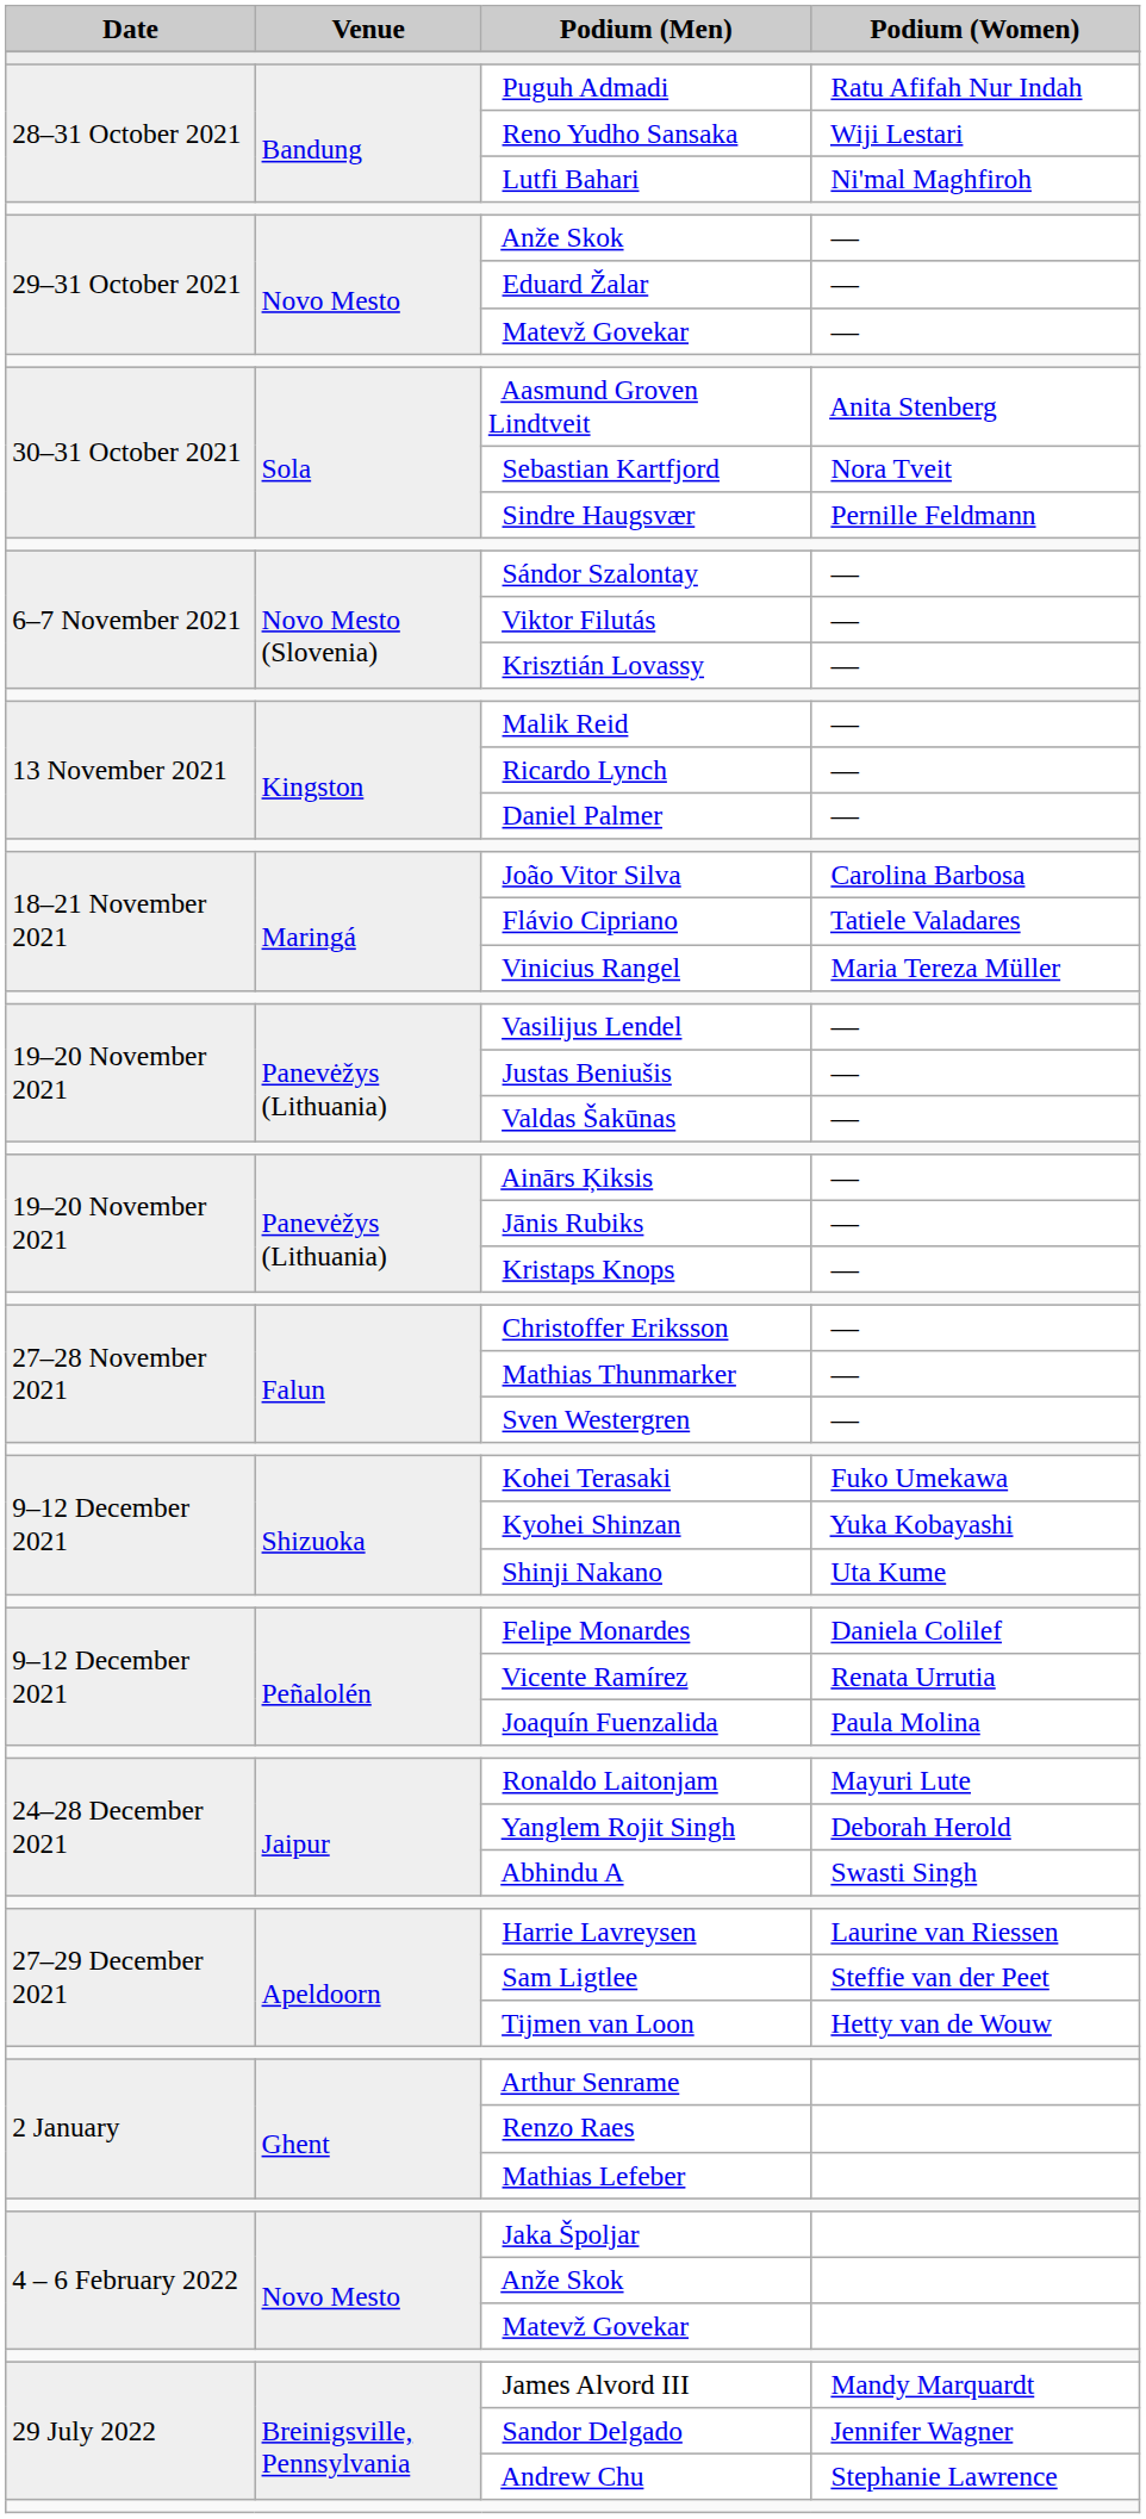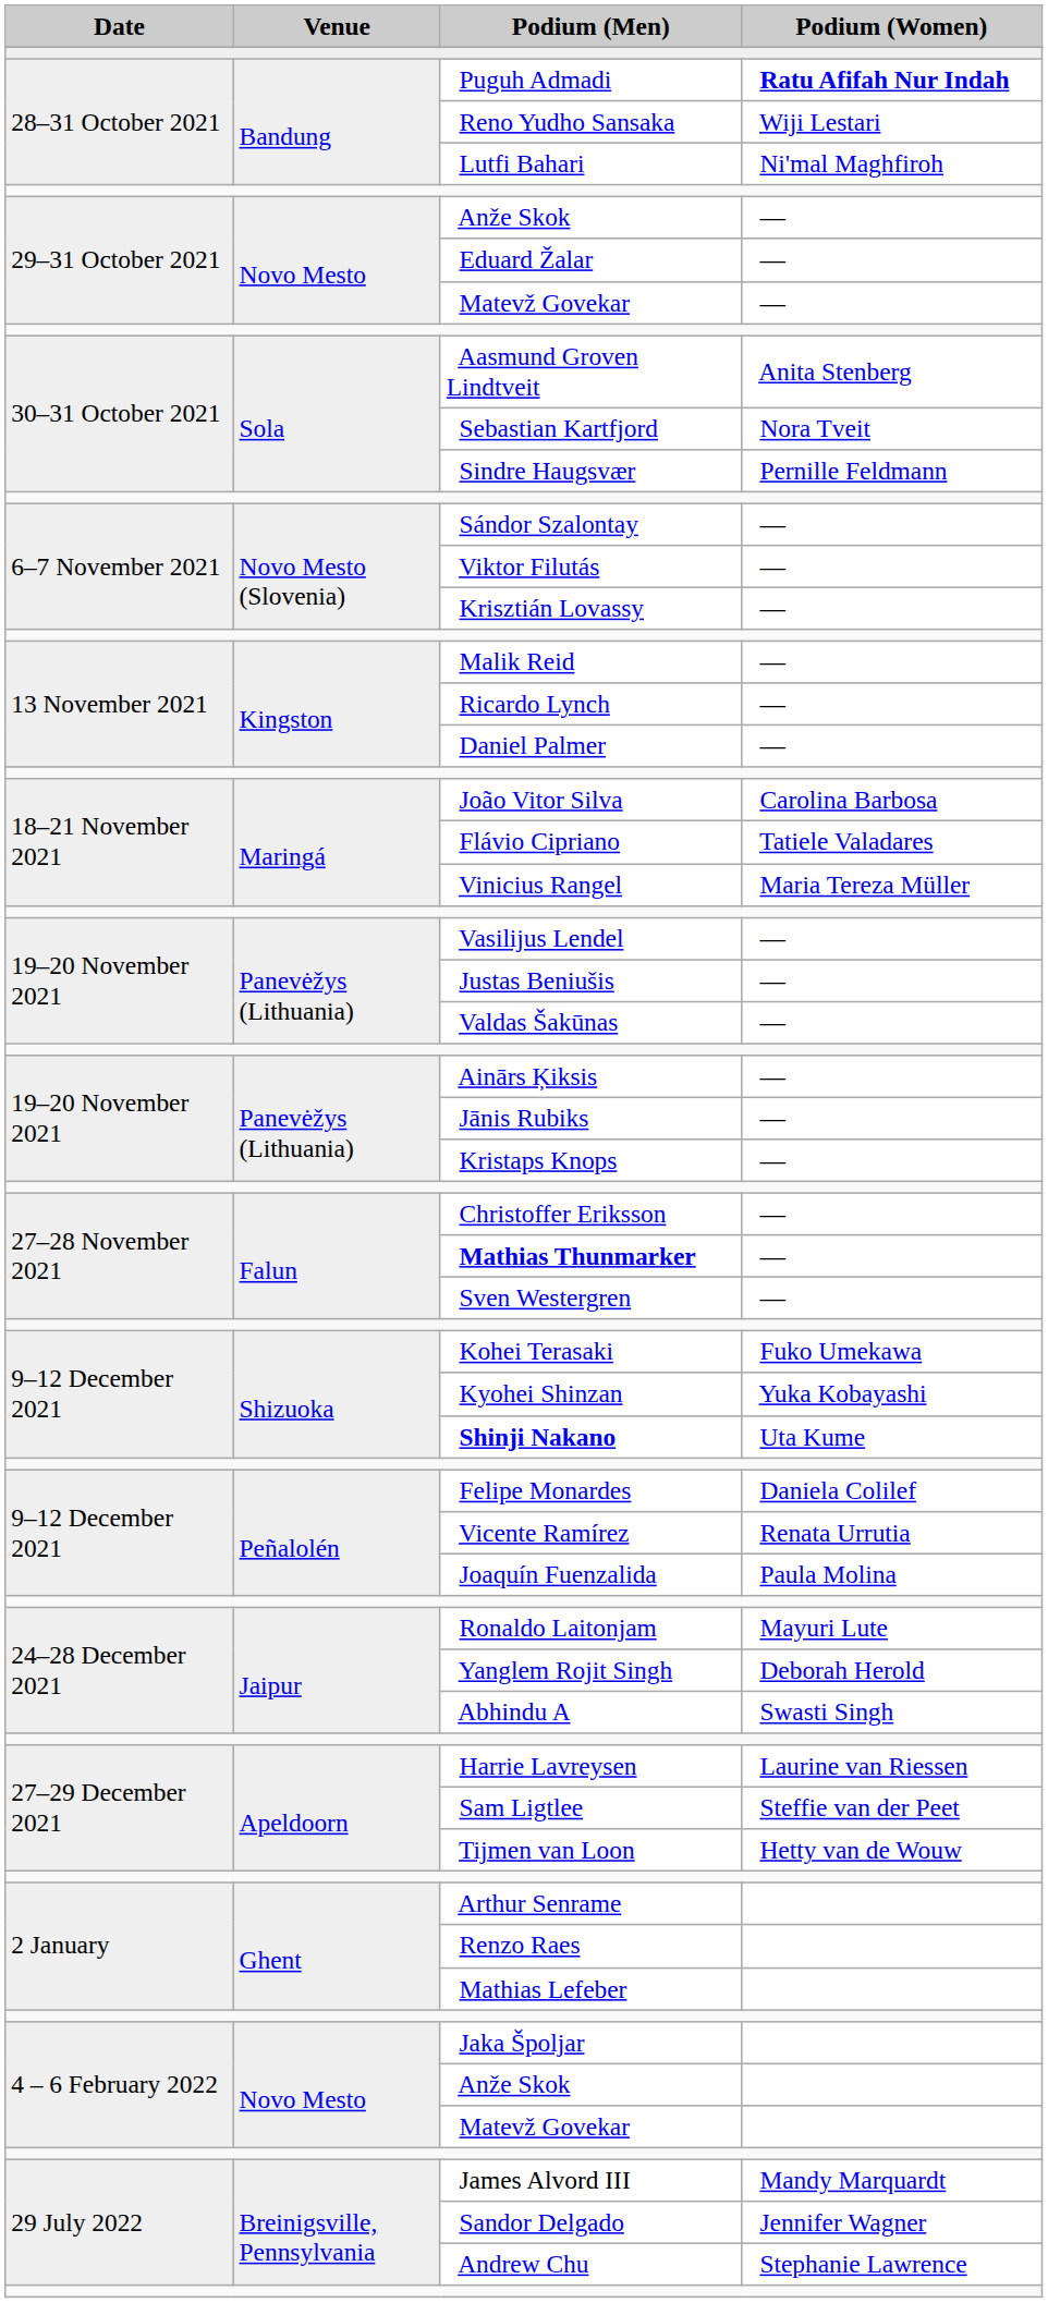 <table class="wikitable" width=70% bgcolor="#f7f8ff" cellpadding="3" cellspacing="0" border="1" style="font-size: 95%; border: gray solid 1px; border-collapse: collapse;">
 <tr bgcolor="#CCCCCC">
 <td align="center"><strong>Date</strong></td>
 <td width=20% align="center"><strong>Venue</strong></td>
 <td width=29% align="center"><strong>Podium (Men)</strong></td>
 <td width=29% align="center"><strong>Podium (Women)</strong></td>
 </tr>
 <tr bgcolor="#EFEFEF">
 </tr>
 <tr>
 </tr>
 <tr bgcolor="#EFEFEF">
 <td colspan=4></td>
 </tr>
 <tr bgcolor="#EFEFEF">
 <td rowspan=3>28–31 October 2021</td>
 <td rowspan=3><br><a href='#'>Bandung</a></td>
 <td bgcolor="#ffffff">   <a href='#'>Puguh Admadi</a></td>
-<td bgcolor="#ffffff">   <a href='#'>Ratu Afifah Nur Indah</a></td>
+<td bgcolor="#ffffff"><strong>   <a href='#'>Ratu Afifah Nur Indah</a></strong></td>
 </tr>
 <tr>
 <td bgcolor="#ffffff">   <a href='#'>Reno Yudho Sansaka</a></td>
 <td bgcolor="#ffffff">   <a href='#'>Wiji Lestari</a></td>
 </tr>
 <tr>
 <td bgcolor="#ffffff">   <a href='#'>Lutfi Bahari</a></td>
 <td bgcolor="#ffffff">   <a href='#'>Ni'mal Maghfiroh</a></td>
 </tr>
 <tr>
 <td colspan=4></td>
 </tr>
 <tr bgcolor="#EFEFEF">
 <td rowspan=3>29–31 October 2021</td>
 <td rowspan=3><br><a href='#'>Novo Mesto</a></td>
 <td bgcolor="#ffffff">   <a href='#'>Anže Skok</a></td>
 <td bgcolor="#ffffff">   —</td>
 </tr>
 <tr>
 <td bgcolor="#ffffff">   <a href='#'>Eduard Žalar</a></td>
 <td bgcolor="#ffffff">   —</td>
 </tr>
 <tr>
 <td bgcolor="#ffffff">   <a href='#'>Matevž Govekar</a></td>
 <td bgcolor="#ffffff">   —</td>
 </tr>
 <tr>
 <td colspan=4></td>
 </tr>
 <tr bgcolor="#EFEFEF">
 <td rowspan=3>30–31 October 2021</td>
 <td rowspan=3><br><a href='#'>Sola</a></td>
 <td bgcolor="#ffffff">   <a href='#'>Aasmund Groven Lindtveit</a></td>
 <td bgcolor="#ffffff">   <a href='#'>Anita Stenberg</a></td>
 </tr>
 <tr>
 <td bgcolor="#ffffff">   <a href='#'>Sebastian Kartfjord</a></td>
 <td bgcolor="#ffffff">   <a href='#'>Nora Tveit</a></td>
 </tr>
 <tr>
 <td bgcolor="#ffffff">   <a href='#'>Sindre Haugsvær</a></td>
 <td bgcolor="#ffffff">   <a href='#'>Pernille Feldmann</a></td>
 </tr>
 <tr>
 <td colspan=4></td>
 </tr>
 <tr bgcolor="#EFEFEF">
 <td rowspan=3>6–7 November 2021</td>
 <td rowspan=3><br><a href='#'>Novo Mesto</a> (Slovenia)</td>
 <td bgcolor="#ffffff">   <a href='#'>Sándor Szalontay</a></td>
 <td bgcolor="#ffffff">   —</td>
 </tr>
 <tr>
 <td bgcolor="#ffffff">   <a href='#'>Viktor Filutás</a></td>
 <td bgcolor="#ffffff">   —</td>
 </tr>
 <tr>
 <td bgcolor="#ffffff">   <a href='#'>Krisztián Lovassy</a></td>
 <td bgcolor="#ffffff">   —</td>
 </tr>
 <tr>
 <td colspan=4></td>
 </tr>
 <tr bgcolor="#EFEFEF">
 <td rowspan=3>13 November 2021</td>
 <td rowspan=3><br><a href='#'>Kingston</a></td>
 <td bgcolor="#ffffff">   <a href='#'>Malik Reid</a></td>
 <td bgcolor="#ffffff">   —</td>
 </tr>
 <tr>
 <td bgcolor="#ffffff">   <a href='#'>Ricardo Lynch</a></td>
 <td bgcolor="#ffffff">   —</td>
 </tr>
 <tr>
 <td bgcolor="#ffffff">   <a href='#'>Daniel Palmer</a></td>
 <td bgcolor="#ffffff">   —</td>
 </tr>
 <tr>
 <td colspan=4></td>
 </tr>
 <tr bgcolor="#EFEFEF">
 <td rowspan=3>18–21 November 2021</td>
 <td rowspan=3><br><a href='#'>Maringá</a></td>
 <td bgcolor="#ffffff">   <a href='#'>João Vitor Silva</a></td>
 <td bgcolor="#ffffff">   <a href='#'>Carolina Barbosa</a></td>
 </tr>
 <tr>
 <td bgcolor="#ffffff">   <a href='#'>Flávio Cipriano</a></td>
 <td bgcolor="#ffffff">   <a href='#'>Tatiele Valadares</a></td>
 </tr>
 <tr>
 <td bgcolor="#ffffff">   <a href='#'>Vinicius Rangel</a></td>
 <td bgcolor="#ffffff">   <a href='#'>Maria Tereza Müller</a></td>
 </tr>
 <tr>
 <td colspan=4></td>
 </tr>
 <tr bgcolor="#EFEFEF">
 <td rowspan=3>19–20 November 2021</td>
 <td rowspan=3><br><a href='#'>Panevėžys</a> (Lithuania)</td>
 <td bgcolor="#ffffff">   <a href='#'>Vasilijus Lendel</a></td>
 <td bgcolor="#ffffff">   —</td>
 </tr>
 <tr>
 <td bgcolor="#ffffff">   <a href='#'>Justas Beniušis</a></td>
 <td bgcolor="#ffffff">   —</td>
 </tr>
 <tr>
 <td bgcolor="#ffffff">   <a href='#'>Valdas Šakūnas</a></td>
 <td bgcolor="#ffffff">   —</td>
 </tr>
 <tr>
 <td colspan=4></td>
 </tr>
 <tr bgcolor="#EFEFEF">
 <td rowspan=3>19–20 November 2021</td>
 <td rowspan=3><br><a href='#'>Panevėžys</a> (Lithuania)</td>
 <td bgcolor="#ffffff">   <a href='#'>Ainārs Ķiksis</a></td>
 <td bgcolor="#ffffff">   —</td>
 </tr>
 <tr>
 <td bgcolor="#ffffff">   <a href='#'>Jānis Rubiks</a></td>
 <td bgcolor="#ffffff">   —</td>
 </tr>
 <tr>
 <td bgcolor="#ffffff">   <a href='#'>Kristaps Knops</a></td>
 <td bgcolor="#ffffff">   —</td>
 </tr>
 <tr>
 <td colspan=4></td>
 </tr>
 <tr bgcolor="#EFEFEF">
 <td rowspan=3>27–28 November 2021</td>
 <td rowspan=3><br><a href='#'>Falun</a></td>
 <td bgcolor="#ffffff">   <a href='#'>Christoffer Eriksson</a></td>
 <td bgcolor="#ffffff">   —</td>
 </tr>
 <tr>
-<td bgcolor="#ffffff">   <a href='#'>Mathias Thunmarker</a></td>
+<td bgcolor="#ffffff"><strong>   <a href='#'>Mathias Thunmarker</a></strong></td>
 <td bgcolor="#ffffff">   —</td>
 </tr>
 <tr>
 <td bgcolor="#ffffff">   <a href='#'>Sven Westergren</a></td>
 <td bgcolor="#ffffff">   —</td>
 </tr>
 <tr>
 <td colspan=4></td>
 </tr>
 <tr bgcolor="#EFEFEF">
 <td rowspan=3>9–12 December 2021</td>
 <td rowspan=3><br><a href='#'>Shizuoka</a></td>
 <td bgcolor="#ffffff">   <a href='#'>Kohei Terasaki</a></td>
 <td bgcolor="#ffffff">   <a href='#'>Fuko Umekawa</a></td>
 </tr>
 <tr>
 <td bgcolor="#ffffff">   <a href='#'>Kyohei Shinzan</a></td>
 <td bgcolor="#ffffff">   <a href='#'>Yuka Kobayashi</a></td>
 </tr>
 <tr>
-<td bgcolor="#ffffff">   <a href='#'>Shinji Nakano</a></td>
+<td bgcolor="#ffffff"><strong>   <a href='#'>Shinji Nakano</a></strong></td>
 <td bgcolor="#ffffff">   <a href='#'>Uta Kume</a></td>
 </tr>
 <tr>
 <td colspan=4></td>
 </tr>
 <tr bgcolor="#EFEFEF">
 <td rowspan=3>9–12 December 2021</td>
 <td rowspan=3><br><a href='#'>Peñalolén</a></td>
 <td bgcolor="#ffffff">   <a href='#'>Felipe Monardes</a></td>
 <td bgcolor="#ffffff">   <a href='#'>Daniela Colilef</a></td>
 </tr>
 <tr>
 <td bgcolor="#ffffff">   <a href='#'>Vicente Ramírez</a></td>
 <td bgcolor="#ffffff">   <a href='#'>Renata Urrutia</a></td>
 </tr>
 <tr>
 <td bgcolor="#ffffff">   <a href='#'>Joaquín Fuenzalida</a></td>
 <td bgcolor="#ffffff">   <a href='#'>Paula Molina</a></td>
 </tr>
 <tr>
 <td colspan=4></td>
 </tr>
 <tr bgcolor="#EFEFEF">
 <td rowspan=3>24–28 December 2021</td>
 <td rowspan=3><br><a href='#'>Jaipur</a></td>
 <td bgcolor="#ffffff">   <a href='#'>Ronaldo Laitonjam</a></td>
 <td bgcolor="#ffffff">   <a href='#'>Mayuri Lute</a></td>
 </tr>
 <tr>
 <td bgcolor="#ffffff">   <a href='#'>Yanglem Rojit Singh</a></td>
 <td bgcolor="#ffffff">   <a href='#'>Deborah Herold</a></td>
 </tr>
 <tr>
 <td bgcolor="#ffffff">   <a href='#'>Abhindu A</a></td>
 <td bgcolor="#ffffff">   <a href='#'>Swasti Singh</a></td>
 </tr>
 <tr>
 <td colspan=4></td>
 </tr>
 <tr bgcolor="#EFEFEF">
 <td rowspan=3>27–29 December 2021</td>
 <td rowspan=3><br><a href='#'>Apeldoorn</a></td>
 <td bgcolor="#ffffff">   <a href='#'>Harrie Lavreysen</a></td>
 <td bgcolor="#ffffff">   <a href='#'>Laurine van Riessen</a></td>
 </tr>
 <tr>
 <td bgcolor="#ffffff">   <a href='#'>Sam Ligtlee</a></td>
 <td bgcolor="#ffffff">   <a href='#'>Steffie van der Peet</a></td>
 </tr>
 <tr>
 <td bgcolor="#ffffff">   <a href='#'>Tijmen van Loon</a></td>
 <td bgcolor="#ffffff">   <a href='#'>Hetty van de Wouw</a></td>
 </tr>
 <tr>
 <td colspan=4></td>
 </tr>
 <tr bgcolor="#EFEFEF">
 <td rowspan=3>2 January</td>
 <td rowspan=3><br><a href='#'>Ghent</a></td>
 <td bgcolor="#ffffff">   <a href='#'>Arthur Senrame</a></td>
 <td bgcolor="#ffffff">  </td>
 </tr>
 <tr>
 <td bgcolor="#ffffff">   <a href='#'>Renzo Raes</a></td>
 <td bgcolor="#ffffff">  </td>
 </tr>
 <tr>
 <td bgcolor="#ffffff">   <a href='#'>Mathias Lefeber</a></td>
 <td bgcolor="#ffffff">  </td>
 </tr>
 <tr>
 <td colspan=4></td>
 </tr>
 <tr bgcolor="#EFEFEF">
 <td rowspan=3>4 – 6 February 2022</td>
 <td rowspan=3><br><a href='#'>Novo Mesto</a></td>
 <td bgcolor="#ffffff">   <a href='#'>Jaka Špoljar</a></td>
 <td bgcolor="#ffffff">   <a href='#'></a></td>
 </tr>
 <tr>
 <td bgcolor="#ffffff">   <a href='#'>Anže Skok</a></td>
 <td bgcolor="#ffffff">   <a href='#'></a></td>
 </tr>
 <tr>
 <td bgcolor="#ffffff">   <a href='#'>Matevž Govekar</a></td>
 <td bgcolor="#ffffff">   <a href='#'></a></td>
 </tr>
 <tr>
 <td colspan=4></td>
 </tr>
 <tr bgcolor="#EFEFEF">
 <td rowspan="3">29 July 2022</td>
 <td rowspan="3"><br><a href='#'>Breinigsville, Pennsylvania</a></td>
 <td bgcolor="#ffffff">   James Alvord III</td>
 <td bgcolor="#ffffff">   <a href='#'>Mandy Marquardt</a></td>
 </tr>
 <tr>
 <td bgcolor="#ffffff">   <a href='#'>Sandor Delgado</a></td>
 <td bgcolor="#ffffff">   <a href='#'>Jennifer Wagner</a></td>
 </tr>
 <tr>
 <td bgcolor="#ffffff">   <a href='#'>Andrew Chu</a></td>
 <td bgcolor="#ffffff">   <a href='#'>Stephanie Lawrence</a></td>
 </tr>
 <tr>
 <td colspan=4></td>
 </tr>
 </table>
